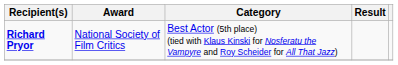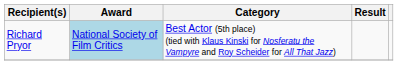 <table class="wikitable sortable">
 <tr>
 <th scope="col">Recipient(s)</th>
 <th scope="col">Award</th>
 <th scope="col">Category</th>
 <th scope="col">Result</th>
 <th scope="col" class="unsortable"></th>
 </tr>
 <tr>
-<td><strong><a href='#'>Richard Pryor</a></strong></td>
-<td><a href='#'>National Society of Film Critics</a></td>
+<td><a href='#'>Richard Pryor</a></td>
+<td style="background: lightblue;"><a href='#'>National Society of Film Critics</a></td>
 <td><a href='#'>Best Actor</a> <small>(5th place)</small><br><small>(tied with <a href='#'>Klaus Kinski</a> for <em><a href='#'>Nosferatu the Vampyre</a></em> and <a href='#'>Roy Scheider</a> for <em><a href='#'>All That Jazz</a></em>)</small></td>
 <td></td>
 <td></td>
 </tr>
 <tr>
 </tr>
 </table>
